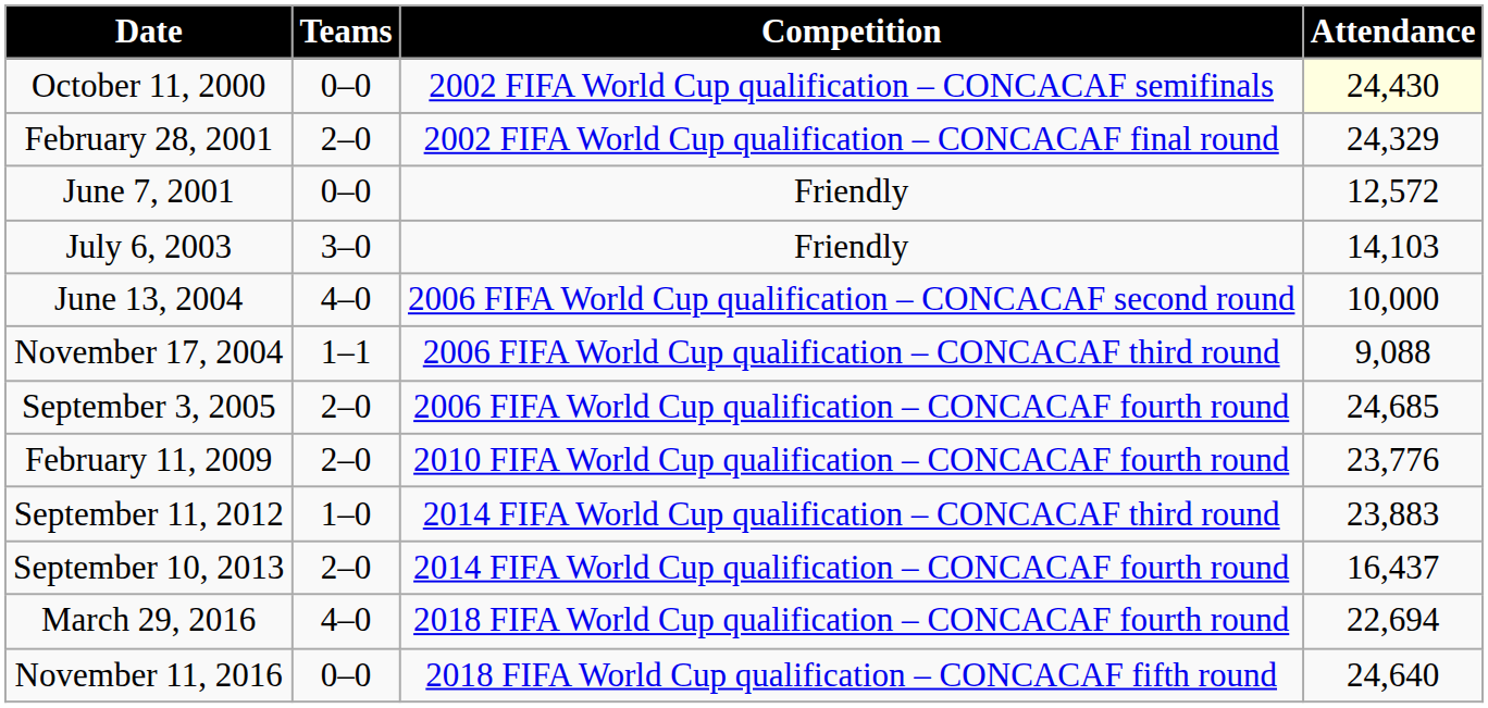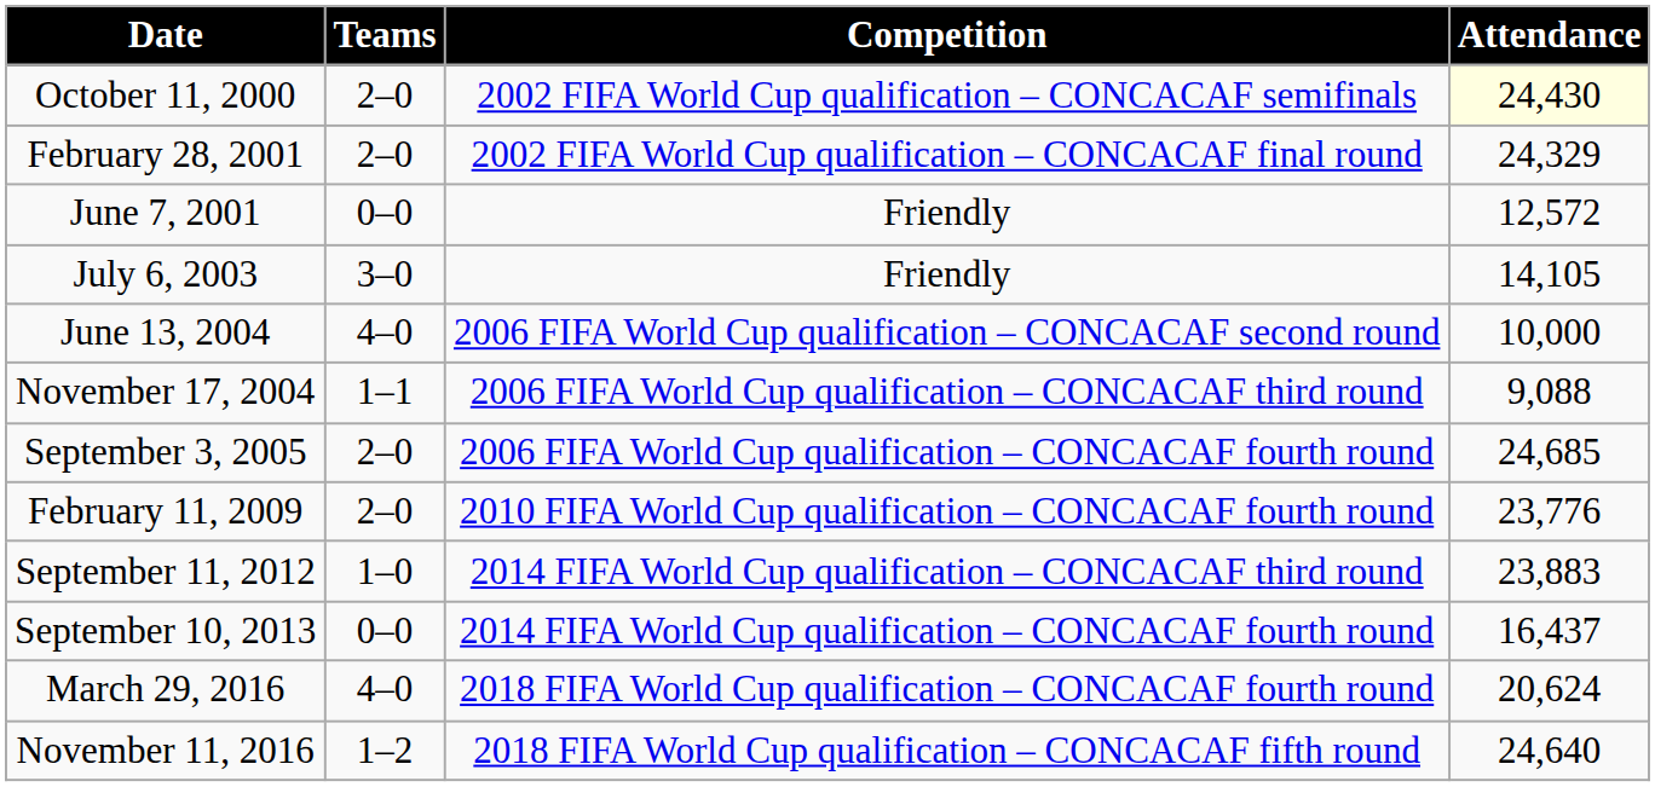 <table class="wikitable sortable" style="text-align:center">
 <tr>
 <th style="background:#000; color:#FFF; ">Date</th>
 <th style="background:#000; color:#FFF; ">Teams</th>
 <th style="background:#000; color:#FFF; ">Competition</th>
 <th style="background:#000; color:#FFF; ">Attendance</th>
 </tr>
 <tr>
 <td>October 11, 2000</td>
-<td> 0–0 </td>
+<td> 2–0 </td>
 <td><a href='#'>2002 FIFA World Cup qualification – CONCACAF semifinals</a></td>
 <td style="background: lightyellow;">24,430</td>
 </tr>
 <tr>
 <td>February 28, 2001</td>
 <td> 2–0 </td>
 <td><a href='#'>2002 FIFA World Cup qualification – CONCACAF final round</a></td>
 <td>24,329</td>
 </tr>
 <tr>
 <td>June 7, 2001</td>
 <td> 0–0 </td>
 <td>Friendly</td>
 <td>12,572</td>
 </tr>
 <tr>
 <td>July 6, 2003</td>
 <td> 3–0 </td>
 <td>Friendly</td>
-<td>14,103</td>
+<td>14,105</td>
 </tr>
 <tr>
 <td>June 13, 2004</td>
 <td> 4–0 </td>
 <td><a href='#'>2006 FIFA World Cup qualification – CONCACAF second round</a></td>
 <td>10,000</td>
 </tr>
 <tr>
 <td>November 17, 2004</td>
 <td> 1–1 </td>
 <td><a href='#'>2006 FIFA World Cup qualification – CONCACAF third round</a></td>
 <td>9,088</td>
 </tr>
 <tr>
 <td>September 3, 2005</td>
 <td> 2–0 </td>
 <td><a href='#'>2006 FIFA World Cup qualification – CONCACAF fourth round</a></td>
 <td>24,685</td>
 </tr>
 <tr>
 <td>February 11, 2009</td>
 <td> 2–0 </td>
 <td><a href='#'>2010 FIFA World Cup qualification – CONCACAF fourth round</a></td>
 <td>23,776</td>
 </tr>
 <tr>
 <td>September 11, 2012</td>
 <td> 1–0 </td>
 <td><a href='#'>2014 FIFA World Cup qualification – CONCACAF third round</a></td>
 <td>23,883</td>
 </tr>
 <tr>
 <td>September 10, 2013</td>
-<td> 2–0 </td>
+<td> 0–0 </td>
 <td><a href='#'>2014 FIFA World Cup qualification – CONCACAF fourth round</a></td>
 <td>16,437</td>
 </tr>
 <tr>
 <td>March 29, 2016</td>
 <td> 4–0 </td>
 <td><a href='#'>2018 FIFA World Cup qualification – CONCACAF fourth round</a></td>
-<td>22,694</td>
+<td>20,624</td>
 </tr>
 <tr>
 <td>November 11, 2016</td>
-<td> 0–0 </td>
+<td> 1–2 </td>
 <td><a href='#'>2018 FIFA World Cup qualification – CONCACAF fifth round</a></td>
 <td>24,640</td>
 </tr>
 </table>
